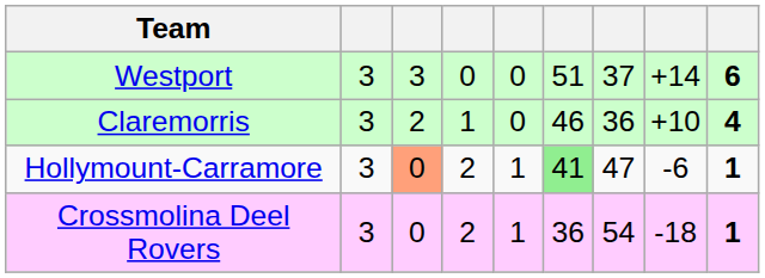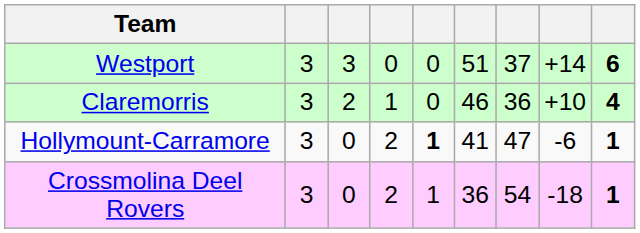 <table class="wikitable" style="text-align:center">
 <tr>
 <th style="width:175px;">Team</th>
 <th width="20"></th>
 <th width="20"></th>
 <th width="20"></th>
 <th width="20"></th>
 <th width="20"></th>
 <th width="20"></th>
 <th width="20"></th>
 <th width="20"></th>
 </tr>
 <tr style="background:#cfc;">
 <td><a href='#'>Westport</a></td>
 <td>3</td>
 <td>3</td>
 <td>0</td>
 <td>0</td>
 <td>51</td>
 <td>37</td>
 <td>+14</td>
 <td><strong>6</strong></td>
 </tr>
 <tr style="background:#cfc;">
 <td><a href='#'>Claremorris</a></td>
 <td>3</td>
 <td>2</td>
 <td>1</td>
 <td>0</td>
 <td>46</td>
 <td>36</td>
 <td>+10</td>
 <td><strong>4</strong></td>
 </tr>
 <tr>
 <td><a href='#'>Hollymount-Carramore</a></td>
 <td>3</td>
-<td style="background: lightsalmon;">0</td>
+<td>0</td>
 <td>2</td>
-<td>1</td>
-<td style="background: lightgreen;">41</td>
+<td><strong>1</strong></td>
+<td>41</td>
 <td>47</td>
 <td>-6</td>
 <td><strong>1</strong></td>
 </tr>
 <tr style="background:#fcf;">
 <td><a href='#'>Crossmolina Deel Rovers</a></td>
 <td>3</td>
 <td>0</td>
 <td>2</td>
 <td>1</td>
 <td>36</td>
 <td>54</td>
 <td>-18</td>
 <td><strong>1</strong></td>
 </tr>
 </table>
